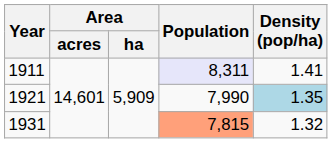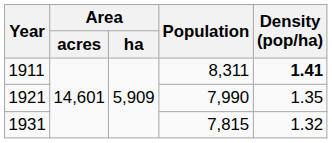 <table class="wikitable">
 <tr>
 <th rowspan="2">Year</th>
 <th colspan="2">Area</th>
 <th rowspan="2">Population<br></th>
 <th rowspan="2">Density<br>(pop/ha)</th>
 </tr>
 <tr>
 <th>acres</th>
 <th>ha</th>
 </tr>
 <tr>
 <td>1911</td>
 <td style="text-align:right;" rowspan="3">14,601</td>
 <td style="text-align:right;" rowspan="3">5,909</td>
-<td style="background: lavender; text-align:right;">8,311</td>
-<td style="text-align:right;">1.41</td>
+<td style="text-align:right;">8,311</td>
+<td style="text-align:right;"><strong>1.41</strong></td>
 </tr>
 <tr>
 <td>1921</td>
 <td style="text-align:right;">7,990</td>
-<td style="background: lightblue; text-align:right;">1.35</td>
+<td style="text-align:right;">1.35</td>
 </tr>
 <tr>
 <td>1931</td>
-<td style="background: lightsalmon; text-align:right;">7,815</td>
+<td style="text-align:right;">7,815</td>
 <td style="text-align:right;">1.32</td>
 </tr>
 </table>
